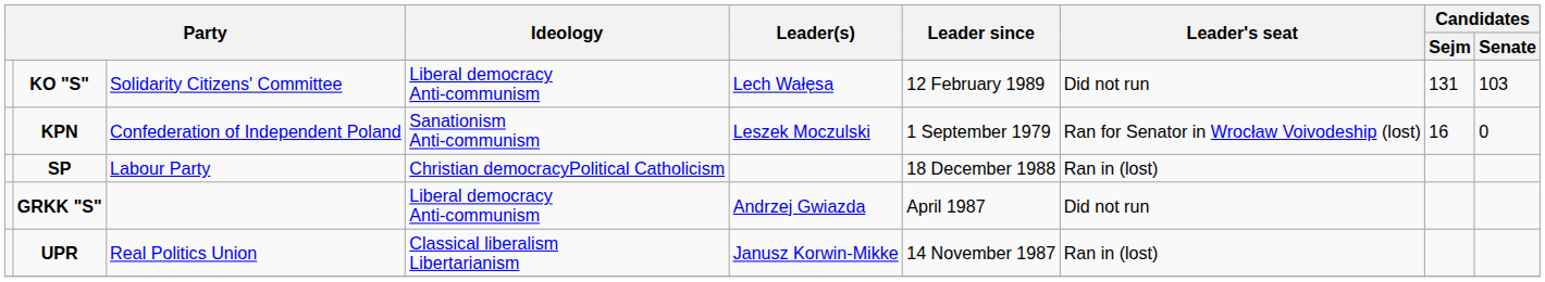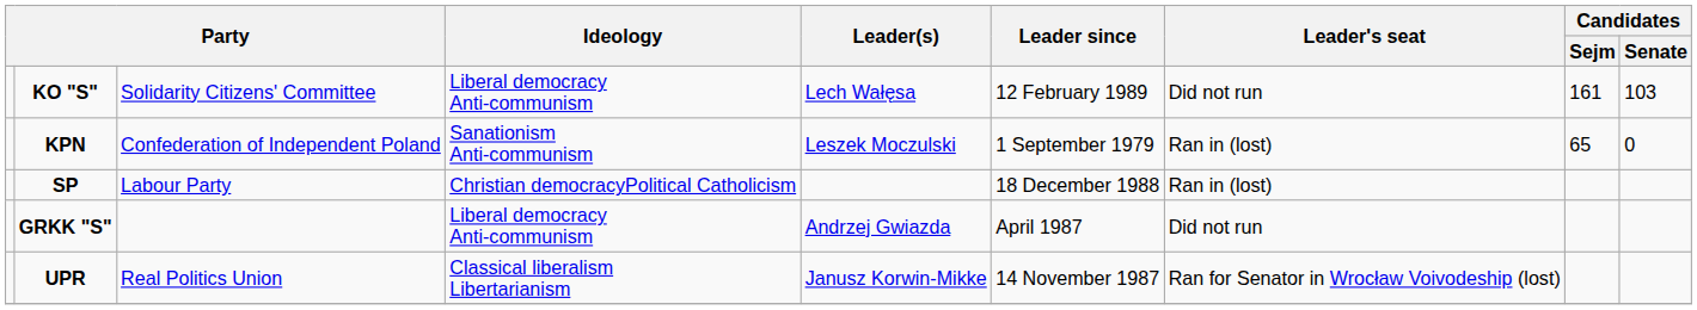 <table class=wikitable style="font-size:95%;">
 <tr>
 <th colspan="3" rowspan="2">Party</th>
 <th rowspan="2">Ideology</th>
 <th rowspan="2">Leader(s)</th>
 <th rowspan="2">Leader since</th>
 <th rowspan="2">Leader's seat</th>
 <th colspan="3">Candidates</th>
 </tr>
 <tr>
 <th>Sejm</th>
 <th>Senate</th>
 </tr>
 <tr>
 <td style="background:"></td>
 <td style="text-align:center;"><strong>KO "S"</strong></td>
 <td><a href='#'>Solidarity Citizens' Committee</a><br></td>
 <td><a href='#'>Liberal democracy</a><br><a href='#'>Anti-communism</a></td>
 <td><a href='#'>Lech Wałęsa</a></td>
 <td>12 February 1989</td>
 <td>Did not run</td>
-<td>131</td>
+<td>161</td>
 <td>103</td>
 </tr>
 <tr>
 <td style="background:"></td>
 <td style="text-align:center;"><strong>KPN</strong></td>
 <td><a href='#'>Confederation of Independent Poland</a><br></td>
 <td><a href='#'>Sanationism</a><br><a href='#'>Anti-communism</a></td>
 <td><a href='#'>Leszek Moczulski</a></td>
 <td>1 September 1979</td>
-<td>Ran for Senator in <a href='#'>Wrocław Voivodeship</a> (lost)</td>
-<td>16</td>
+<td>Ran in  (lost)</td>
+<td>65</td>
 <td>0</td>
 </tr>
 <tr>
 <td style="background:"></td>
 <td style="text-align:center;"><strong>SP</strong></td>
 <td><a href='#'>Labour Party</a></td>
 <td><a href='#'>Christian democracy</a><a href='#'>Political Catholicism</a></td>
 <td></td>
 <td>18 December 1988</td>
 <td>Ran in  (lost)</td>
 <td></td>
 <td></td>
 </tr>
 <tr>
 <td style="background:"></td>
 <td style="text-align:center;"><strong>GRKK "S"</strong></td>
 <td><br></td>
 <td><a href='#'>Liberal democracy</a><br><a href='#'>Anti-communism</a></td>
 <td><a href='#'>Andrzej Gwiazda</a></td>
 <td>April 1987</td>
 <td>Did not run</td>
 <td></td>
 <td></td>
 </tr>
 <tr>
 <td style="background:"></td>
 <td style="text-align:center;"><strong>UPR</strong></td>
 <td><a href='#'>Real Politics Union</a><br></td>
 <td><a href='#'>Classical liberalism</a><br><a href='#'>Libertarianism</a></td>
 <td><a href='#'>Janusz Korwin-Mikke</a></td>
 <td>14 November 1987</td>
-<td>Ran in  (lost)</td>
+<td>Ran for Senator in <a href='#'>Wrocław Voivodeship</a> (lost)</td>
 <td></td>
 <td></td>
 </tr>
 <tr>
 </tr>
 </table>
